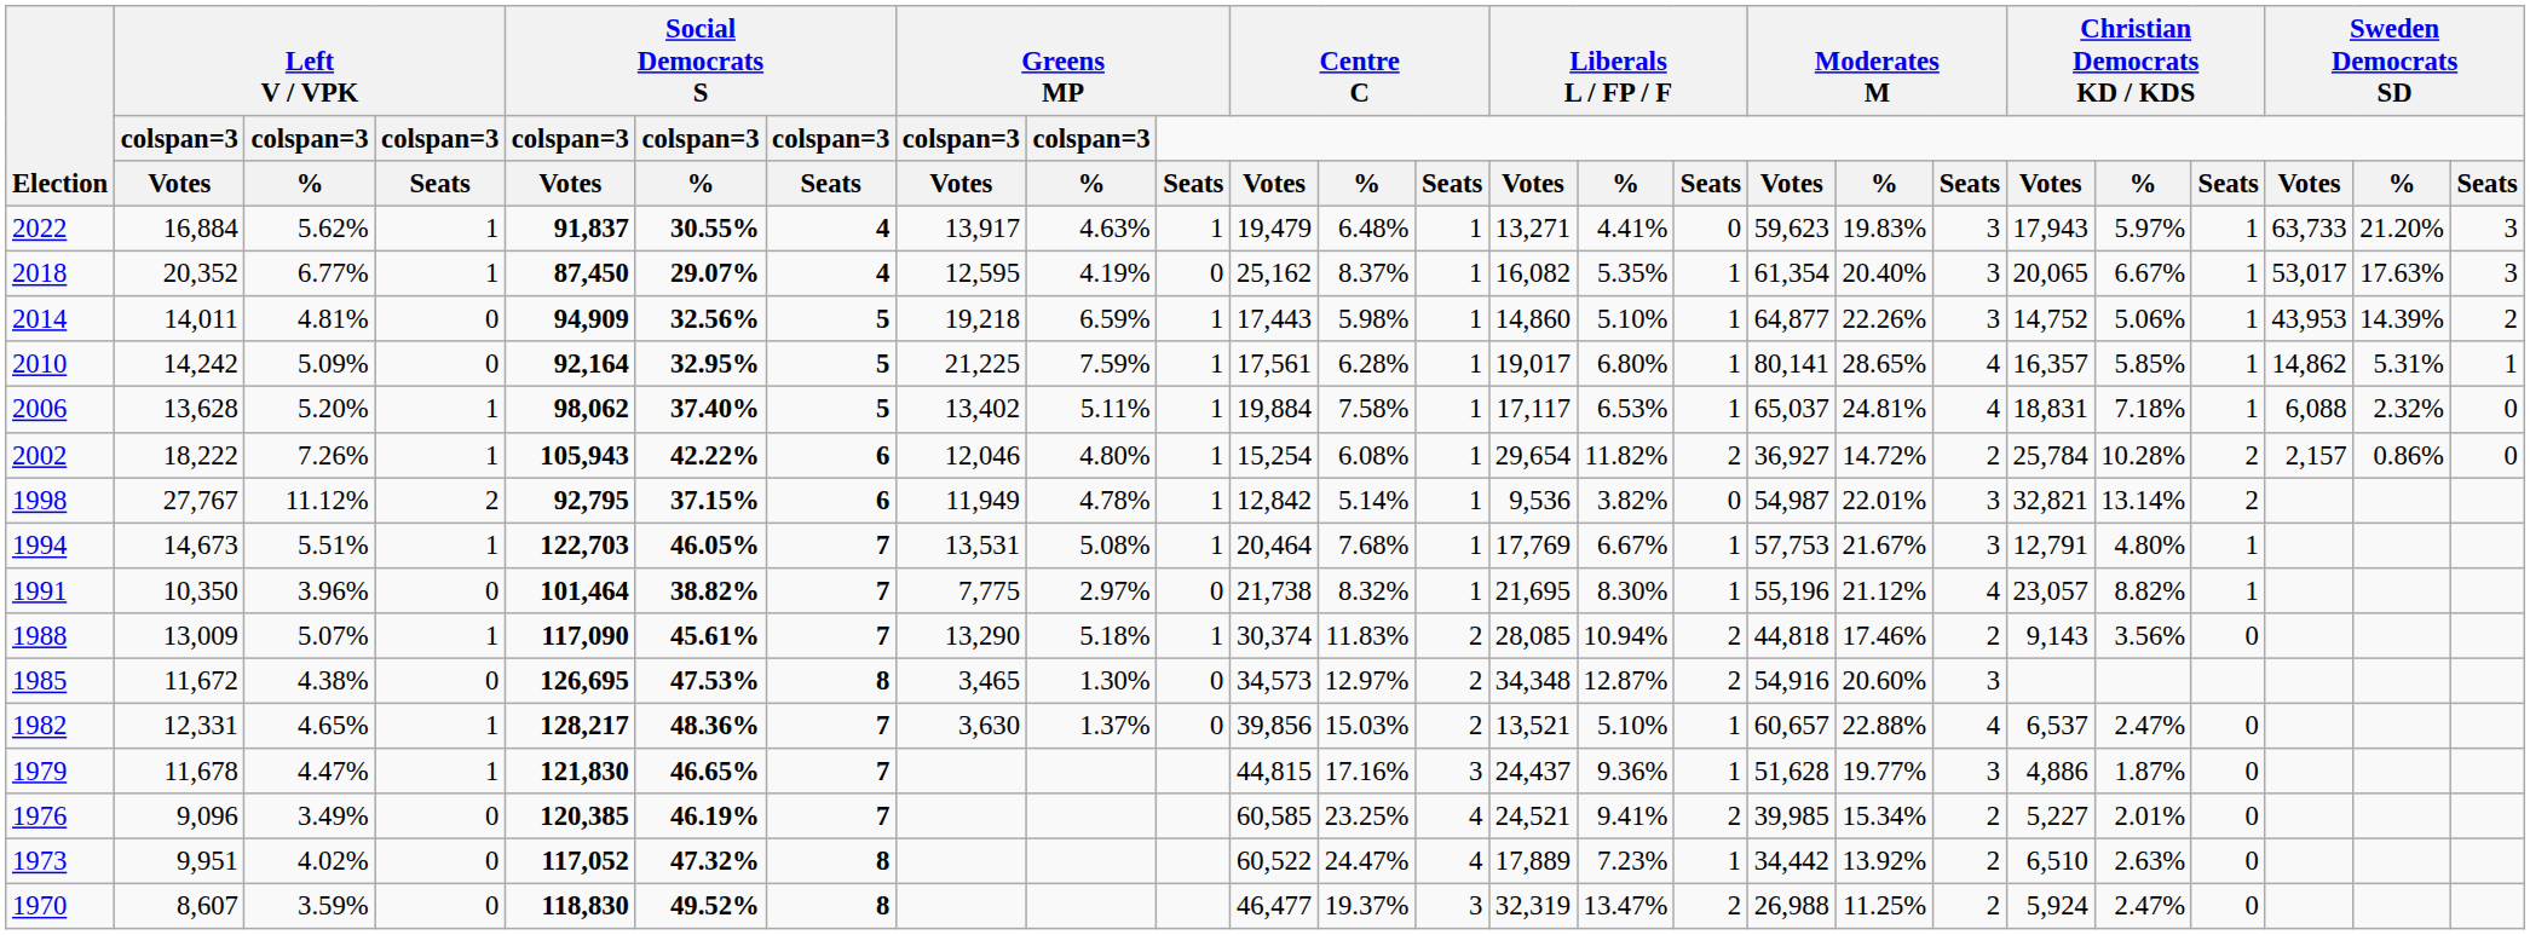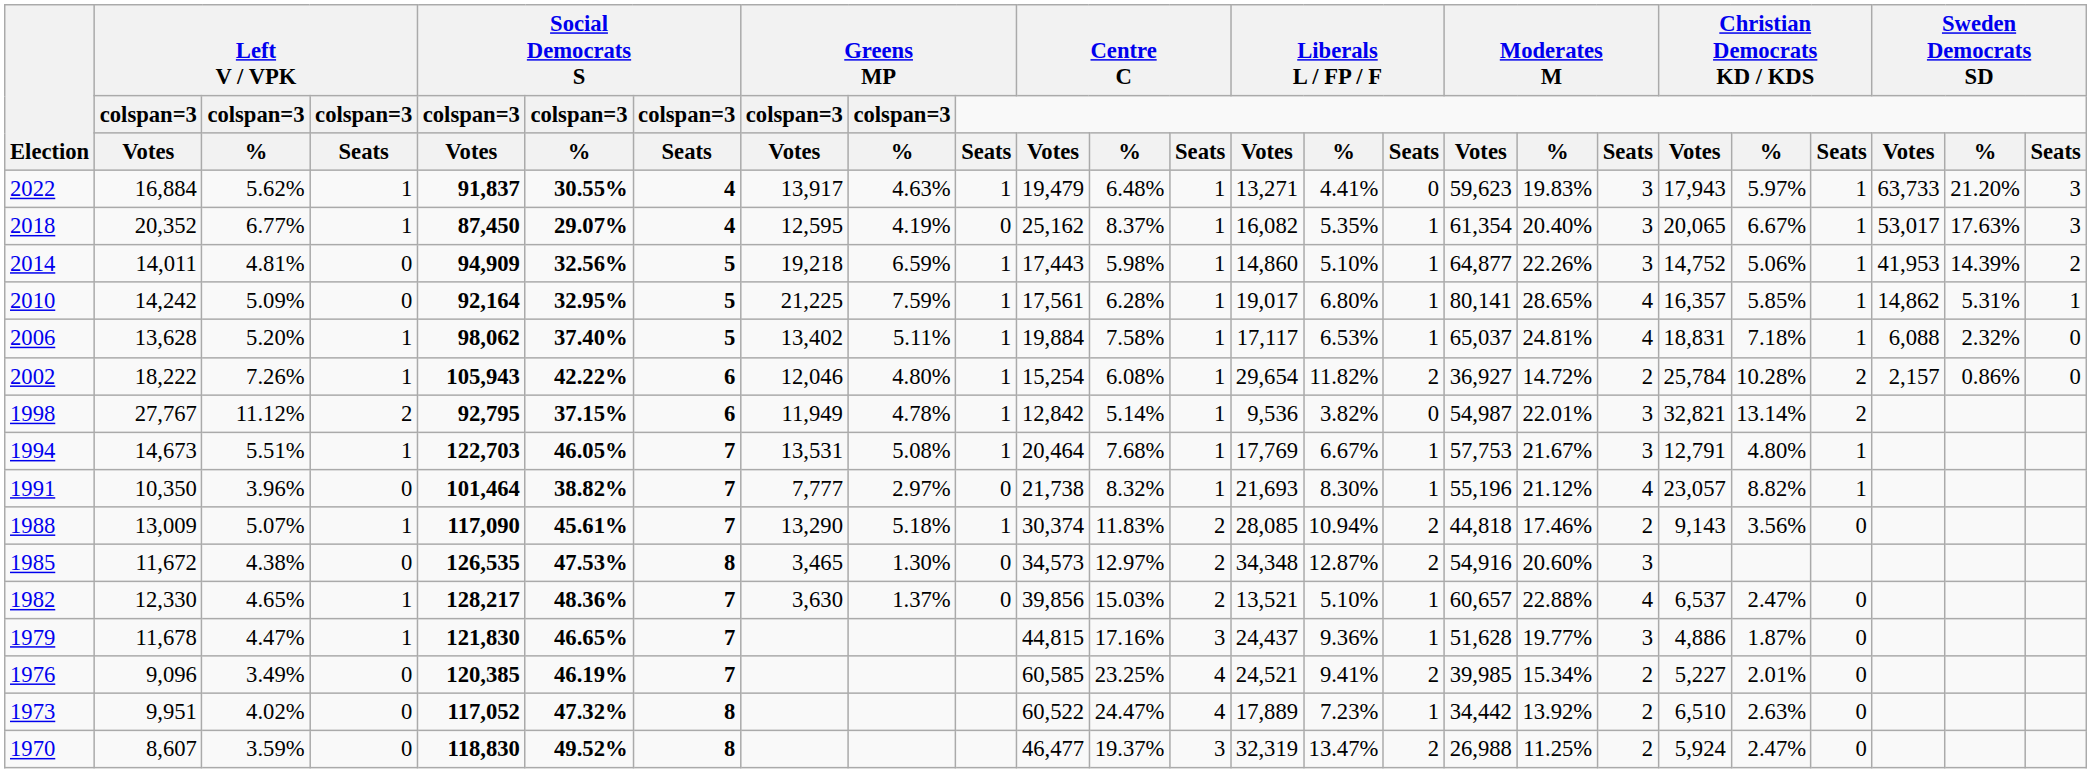 <table class="wikitable" border="1" style="font-size:95%; text-align:right;">
 <tr>
 <th style="text-align:left;" valign=bottom rowspan=3>Election</th>
 <th valign=bottom colspan=3><a href='#'>Left</a><br>V / VPK</th>
 <th valign=bottom colspan=3><a href='#'>Social<br>Democrats</a><br>S</th>
 <th valign=bottom colspan=3><a href='#'>Greens</a><br>MP</th>
 <th valign=bottom colspan=3><a href='#'>Centre</a><br>C</th>
 <th valign=bottom colspan=3><a href='#'>Liberals</a><br>L / FP / F</th>
 <th valign=bottom colspan=3><a href='#'>Moderates</a><br>M</th>
 <th valign=bottom colspan=3><a href='#'>Christian<br>Democrats</a><br>KD / KDS</th>
 <th valign=bottom colspan=3><a href='#'>Sweden<br>Democrats</a><br>SD</th>
 </tr>
 <tr>
 <th>colspan=3 </th>
 <th>colspan=3 </th>
 <th>colspan=3 </th>
 <th>colspan=3 </th>
 <th>colspan=3 </th>
 <th>colspan=3 </th>
 <th>colspan=3 </th>
 <th>colspan=3 </th>
 </tr>
 <tr>
 <th>Votes</th>
 <th>%</th>
 <th>Seats</th>
 <th>Votes</th>
 <th>%</th>
 <th>Seats</th>
 <th>Votes</th>
 <th>%</th>
 <th>Seats</th>
 <th>Votes</th>
 <th>%</th>
 <th>Seats</th>
 <th>Votes</th>
 <th>%</th>
 <th>Seats</th>
 <th>Votes</th>
 <th>%</th>
 <th>Seats</th>
 <th>Votes</th>
 <th>%</th>
 <th>Seats</th>
 <th>Votes</th>
 <th>%</th>
 <th>Seats</th>
 </tr>
 <tr>
 <td align=left><a href='#'>2022</a></td>
 <td>16,884</td>
 <td>5.62%</td>
 <td>1</td>
 <td><strong>91,837</strong></td>
 <td><strong>30.55%</strong></td>
 <td><strong>4</strong></td>
 <td>13,917</td>
 <td>4.63%</td>
 <td>1</td>
 <td>19,479</td>
 <td>6.48%</td>
 <td>1</td>
 <td>13,271</td>
 <td>4.41%</td>
 <td>0</td>
 <td>59,623</td>
 <td>19.83%</td>
 <td>3</td>
 <td>17,943</td>
 <td>5.97%</td>
 <td>1</td>
 <td>63,733</td>
 <td>21.20%</td>
 <td>3</td>
 </tr>
 <tr>
 <td align=left><a href='#'>2018</a></td>
 <td>20,352</td>
 <td>6.77%</td>
 <td>1</td>
 <td><strong>87,450</strong></td>
 <td><strong>29.07%</strong></td>
 <td><strong>4</strong></td>
 <td>12,595</td>
 <td>4.19%</td>
 <td>0</td>
 <td>25,162</td>
 <td>8.37%</td>
 <td>1</td>
 <td>16,082</td>
 <td>5.35%</td>
 <td>1</td>
 <td>61,354</td>
 <td>20.40%</td>
 <td>3</td>
 <td>20,065</td>
 <td>6.67%</td>
 <td>1</td>
 <td>53,017</td>
 <td>17.63%</td>
 <td>3</td>
 </tr>
 <tr>
 <td align=left><a href='#'>2014</a></td>
 <td>14,011</td>
 <td>4.81%</td>
 <td>0</td>
 <td><strong>94,909</strong></td>
 <td><strong>32.56%</strong></td>
 <td><strong>5</strong></td>
 <td>19,218</td>
 <td>6.59%</td>
 <td>1</td>
 <td>17,443</td>
 <td>5.98%</td>
 <td>1</td>
 <td>14,860</td>
 <td>5.10%</td>
 <td>1</td>
 <td>64,877</td>
 <td>22.26%</td>
 <td>3</td>
 <td>14,752</td>
 <td>5.06%</td>
 <td>1</td>
-<td>43,953</td>
+<td>41,953</td>
 <td>14.39%</td>
 <td>2</td>
 </tr>
 <tr>
 <td align=left><a href='#'>2010</a></td>
 <td>14,242</td>
 <td>5.09%</td>
 <td>0</td>
 <td><strong>92,164</strong></td>
 <td><strong>32.95%</strong></td>
 <td><strong>5</strong></td>
 <td>21,225</td>
 <td>7.59%</td>
 <td>1</td>
 <td>17,561</td>
 <td>6.28%</td>
 <td>1</td>
 <td>19,017</td>
 <td>6.80%</td>
 <td>1</td>
 <td>80,141</td>
 <td>28.65%</td>
 <td>4</td>
 <td>16,357</td>
 <td>5.85%</td>
 <td>1</td>
 <td>14,862</td>
 <td>5.31%</td>
 <td>1</td>
 </tr>
 <tr>
 <td align=left><a href='#'>2006</a></td>
 <td>13,628</td>
 <td>5.20%</td>
 <td>1</td>
 <td><strong>98,062</strong></td>
 <td><strong>37.40%</strong></td>
 <td><strong>5</strong></td>
 <td>13,402</td>
 <td>5.11%</td>
 <td>1</td>
 <td>19,884</td>
 <td>7.58%</td>
 <td>1</td>
 <td>17,117</td>
 <td>6.53%</td>
 <td>1</td>
 <td>65,037</td>
 <td>24.81%</td>
 <td>4</td>
 <td>18,831</td>
 <td>7.18%</td>
 <td>1</td>
 <td>6,088</td>
 <td>2.32%</td>
 <td>0</td>
 </tr>
 <tr>
 <td align=left><a href='#'>2002</a></td>
 <td>18,222</td>
 <td>7.26%</td>
 <td>1</td>
 <td><strong>105,943</strong></td>
 <td><strong>42.22%</strong></td>
 <td><strong>6</strong></td>
 <td>12,046</td>
 <td>4.80%</td>
 <td>1</td>
 <td>15,254</td>
 <td>6.08%</td>
 <td>1</td>
 <td>29,654</td>
 <td>11.82%</td>
 <td>2</td>
 <td>36,927</td>
 <td>14.72%</td>
 <td>2</td>
 <td>25,784</td>
 <td>10.28%</td>
 <td>2</td>
 <td>2,157</td>
 <td>0.86%</td>
 <td>0</td>
 </tr>
 <tr>
 <td align=left><a href='#'>1998</a></td>
 <td>27,767</td>
 <td>11.12%</td>
 <td>2</td>
 <td><strong>92,795</strong></td>
 <td><strong>37.15%</strong></td>
 <td><strong>6</strong></td>
 <td>11,949</td>
 <td>4.78%</td>
 <td>1</td>
 <td>12,842</td>
 <td>5.14%</td>
 <td>1</td>
 <td>9,536</td>
 <td>3.82%</td>
 <td>0</td>
 <td>54,987</td>
 <td>22.01%</td>
 <td>3</td>
 <td>32,821</td>
 <td>13.14%</td>
 <td>2</td>
 <td></td>
 <td></td>
 <td></td>
 </tr>
 <tr>
 <td align=left><a href='#'>1994</a></td>
 <td>14,673</td>
 <td>5.51%</td>
 <td>1</td>
 <td><strong>122,703</strong></td>
 <td><strong>46.05%</strong></td>
 <td><strong>7</strong></td>
 <td>13,531</td>
 <td>5.08%</td>
 <td>1</td>
 <td>20,464</td>
 <td>7.68%</td>
 <td>1</td>
 <td>17,769</td>
 <td>6.67%</td>
 <td>1</td>
 <td>57,753</td>
 <td>21.67%</td>
 <td>3</td>
 <td>12,791</td>
 <td>4.80%</td>
 <td>1</td>
 <td></td>
 <td></td>
 <td></td>
 </tr>
 <tr>
 <td align=left><a href='#'>1991</a></td>
 <td>10,350</td>
 <td>3.96%</td>
 <td>0</td>
 <td><strong>101,464</strong></td>
 <td><strong>38.82%</strong></td>
 <td><strong>7</strong></td>
-<td>7,775</td>
+<td>7,777</td>
 <td>2.97%</td>
 <td>0</td>
 <td>21,738</td>
 <td>8.32%</td>
 <td>1</td>
-<td>21,695</td>
+<td>21,693</td>
 <td>8.30%</td>
 <td>1</td>
 <td>55,196</td>
 <td>21.12%</td>
 <td>4</td>
 <td>23,057</td>
 <td>8.82%</td>
 <td>1</td>
 <td></td>
 <td></td>
 <td></td>
 </tr>
 <tr>
 <td align=left><a href='#'>1988</a></td>
 <td>13,009</td>
 <td>5.07%</td>
 <td>1</td>
 <td><strong>117,090</strong></td>
 <td><strong>45.61%</strong></td>
 <td><strong>7</strong></td>
 <td>13,290</td>
 <td>5.18%</td>
 <td>1</td>
 <td>30,374</td>
 <td>11.83%</td>
 <td>2</td>
 <td>28,085</td>
 <td>10.94%</td>
 <td>2</td>
 <td>44,818</td>
 <td>17.46%</td>
 <td>2</td>
 <td>9,143</td>
 <td>3.56%</td>
 <td>0</td>
 <td></td>
 <td></td>
 <td></td>
 </tr>
 <tr>
 <td align=left><a href='#'>1985</a></td>
 <td>11,672</td>
 <td>4.38%</td>
 <td>0</td>
-<td><strong>126,695</strong></td>
+<td><strong>126,535</strong></td>
 <td><strong>47.53%</strong></td>
 <td><strong>8</strong></td>
 <td>3,465</td>
 <td>1.30%</td>
 <td>0</td>
 <td>34,573</td>
 <td>12.97%</td>
 <td>2</td>
 <td>34,348</td>
 <td>12.87%</td>
 <td>2</td>
 <td>54,916</td>
 <td>20.60%</td>
 <td>3</td>
 <td></td>
 <td></td>
 <td></td>
 <td></td>
 <td></td>
 <td></td>
 </tr>
 <tr>
 <td align=left><a href='#'>1982</a></td>
-<td>12,331</td>
+<td>12,330</td>
 <td>4.65%</td>
 <td>1</td>
 <td><strong>128,217</strong></td>
 <td><strong>48.36%</strong></td>
 <td><strong>7</strong></td>
 <td>3,630</td>
 <td>1.37%</td>
 <td>0</td>
 <td>39,856</td>
 <td>15.03%</td>
 <td>2</td>
 <td>13,521</td>
 <td>5.10%</td>
 <td>1</td>
 <td>60,657</td>
 <td>22.88%</td>
 <td>4</td>
 <td>6,537</td>
 <td>2.47%</td>
 <td>0</td>
 <td></td>
 <td></td>
 <td></td>
 </tr>
 <tr>
 <td align=left><a href='#'>1979</a></td>
 <td>11,678</td>
 <td>4.47%</td>
 <td>1</td>
 <td><strong>121,830</strong></td>
 <td><strong>46.65%</strong></td>
 <td><strong>7</strong></td>
 <td></td>
 <td></td>
 <td></td>
 <td>44,815</td>
 <td>17.16%</td>
 <td>3</td>
 <td>24,437</td>
 <td>9.36%</td>
 <td>1</td>
 <td>51,628</td>
 <td>19.77%</td>
 <td>3</td>
 <td>4,886</td>
 <td>1.87%</td>
 <td>0</td>
 <td></td>
 <td></td>
 <td></td>
 </tr>
 <tr>
 <td align=left><a href='#'>1976</a></td>
 <td>9,096</td>
 <td>3.49%</td>
 <td>0</td>
 <td><strong>120,385</strong></td>
 <td><strong>46.19%</strong></td>
 <td><strong>7</strong></td>
 <td></td>
 <td></td>
 <td></td>
 <td>60,585</td>
 <td>23.25%</td>
 <td>4</td>
 <td>24,521</td>
 <td>9.41%</td>
 <td>2</td>
 <td>39,985</td>
 <td>15.34%</td>
 <td>2</td>
 <td>5,227</td>
 <td>2.01%</td>
 <td>0</td>
 <td></td>
 <td></td>
 <td></td>
 </tr>
 <tr>
 <td align=left><a href='#'>1973</a></td>
 <td>9,951</td>
 <td>4.02%</td>
 <td>0</td>
 <td><strong>117,052</strong></td>
 <td><strong>47.32%</strong></td>
 <td><strong>8</strong></td>
 <td></td>
 <td></td>
 <td></td>
 <td>60,522</td>
 <td>24.47%</td>
 <td>4</td>
 <td>17,889</td>
 <td>7.23%</td>
 <td>1</td>
 <td>34,442</td>
 <td>13.92%</td>
 <td>2</td>
 <td>6,510</td>
 <td>2.63%</td>
 <td>0</td>
 <td></td>
 <td></td>
 <td></td>
 </tr>
 <tr>
 <td align=left><a href='#'>1970</a></td>
 <td>8,607</td>
 <td>3.59%</td>
 <td>0</td>
 <td><strong>118,830</strong></td>
 <td><strong>49.52%</strong></td>
 <td><strong>8</strong></td>
 <td></td>
 <td></td>
 <td></td>
 <td>46,477</td>
 <td>19.37%</td>
 <td>3</td>
 <td>32,319</td>
 <td>13.47%</td>
 <td>2</td>
 <td>26,988</td>
 <td>11.25%</td>
 <td>2</td>
 <td>5,924</td>
 <td>2.47%</td>
 <td>0</td>
 <td></td>
 <td></td>
 <td></td>
 </tr>
 </table>
